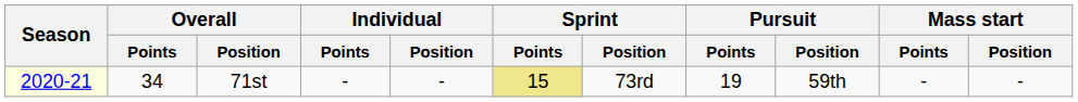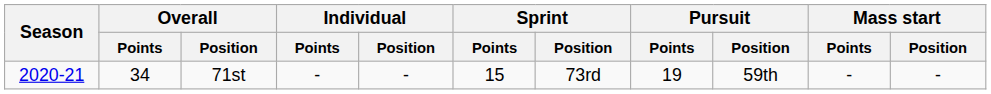 <table class="wikitable" style="text-align:center;" width="70%">
 <tr class="hintergrundfarbe5">
 <th rowspan="2" style="width:4%;">Season</th>
 <th colspan="2">Overall</th>
 <th colspan="2">Individual</th>
 <th colspan="2">Sprint</th>
 <th colspan="2">Pursuit</th>
 <th colspan="2">Mass start</th>
 </tr>
 <tr class="hintergrundfarbe5">
 <th style="width:5%;"><small>Points</small></th>
 <th style="width:5%;"><small>Position</small></th>
 <th style="width:5%;"><small>Points</small></th>
 <th style="width:5%;"><small>Position</small></th>
 <th style="width:5%;"><small>Points</small></th>
 <th style="width:5%;"><small>Position</small></th>
 <th style="width:5%;"><small>Points</small></th>
 <th style="width:5%;"><small>Position</small></th>
 <th style="width:5%;"><small>Points</small></th>
 <th style="width:5%;"><small>Position</small></th>
 </tr>
 <tr>
-<td style="background: lightyellow;"><a href='#'>2020-21</a></td>
+<td><a href='#'>2020-21</a></td>
 <td>34</td>
 <td>71st</td>
 <td>-</td>
 <td>-</td>
-<td style="background: khaki;">15</td>
+<td>15</td>
 <td>73rd</td>
 <td>19</td>
 <td>59th</td>
 <td>-</td>
 <td>-</td>
 </tr>
 </table>
